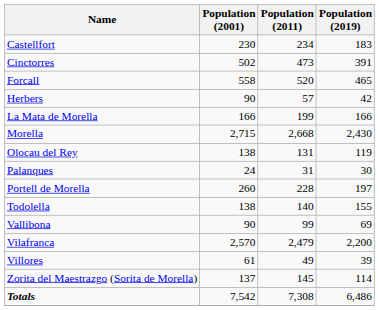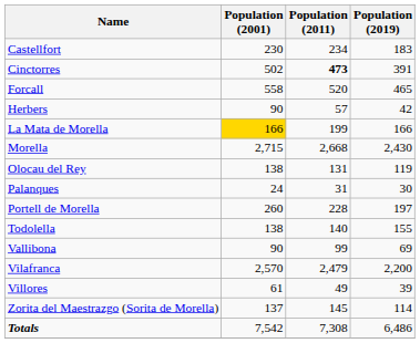 <table class="wikitable sortable">
 <tr>
 <th><strong>Name</strong></th>
 <th><strong>Population<br>(2001)</strong></th>
 <th><strong>Population<br>(2011)</strong></th>
 <th><strong>Population<br>(2019)</strong></th>
 </tr>
 <tr>
 <td><a href='#'>Castellfort</a></td>
 <td align=right>230</td>
 <td align=right>234</td>
 <td align=right>183</td>
 </tr>
 <tr>
 <td><a href='#'>Cinctorres</a></td>
 <td align=right>502</td>
-<td align=right>473</td>
+<td align=right><strong>473</strong></td>
 <td align=right>391</td>
 </tr>
 <tr>
 <td><a href='#'>Forcall</a></td>
 <td align=right>558</td>
 <td align=right>520</td>
 <td align=right>465</td>
 </tr>
 <tr>
 <td><a href='#'>Herbers</a></td>
 <td align=right>90</td>
 <td align=right>57</td>
 <td align=right>42</td>
 </tr>
 <tr>
 <td><a href='#'>La Mata de Morella</a></td>
-<td align=right>166</td>
+<td align=right style="background: gold;">166</td>
 <td align=right>199</td>
 <td align=right>166</td>
 </tr>
 <tr>
 <td><a href='#'>Morella</a></td>
 <td align=right>2,715</td>
 <td align=right>2,668</td>
 <td align=right>2,430</td>
 </tr>
 <tr>
 <td><a href='#'>Olocau del Rey</a></td>
 <td align=right>138</td>
 <td align=right>131</td>
 <td align=right>119</td>
 </tr>
 <tr>
 <td><a href='#'>Palanques</a></td>
 <td align=right>24</td>
 <td align=right>31</td>
 <td align=right>30</td>
 </tr>
 <tr>
 <td><a href='#'>Portell de Morella</a></td>
 <td align=right>260</td>
 <td align=right>228</td>
 <td align=right>197</td>
 </tr>
 <tr>
 <td><a href='#'>Todolella</a></td>
 <td align=right>138</td>
 <td align=right>140</td>
 <td align=right>155</td>
 </tr>
 <tr>
 <td><a href='#'>Vallibona</a></td>
 <td align=right>90</td>
 <td align=right>99</td>
 <td align=right>69</td>
 </tr>
 <tr>
 <td><a href='#'>Vilafranca</a></td>
 <td align=right>2,570</td>
 <td align=right>2,479</td>
 <td align=right>2,200</td>
 </tr>
 <tr>
 <td><a href='#'>Villores</a></td>
 <td align=right>61</td>
 <td align=right>49</td>
 <td align=right>39</td>
 </tr>
 <tr>
 <td><a href='#'>Zorita del Maestrazgo</a> (<a href='#'>Sorita de Morella</a>)</td>
 <td align=right>137</td>
 <td align=right>145</td>
 <td align=right>114</td>
 </tr>
 <tr>
 <td><strong><em>Totals</em></strong></td>
 <td align=right>7,542</td>
 <td align=right>7,308</td>
 <td align=right>6,486</td>
 </tr>
 <tr>
 </tr>
 </table>
